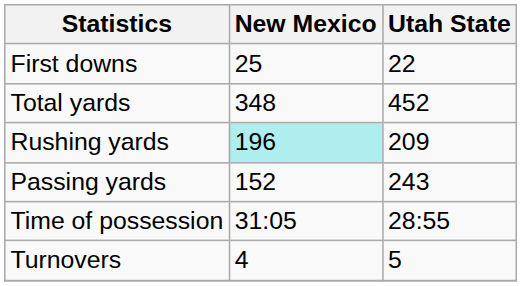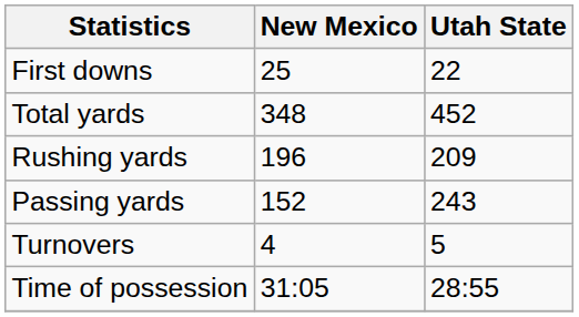 <table class="wikitable">
 <tr>
 <th>Statistics</th>
 <th>New Mexico</th>
 <th>Utah State</th>
 </tr>
 <tr>
 <td>First downs</td>
 <td>25</td>
 <td>22</td>
 </tr>
 <tr>
 <td>Total yards</td>
 <td>348</td>
 <td>452</td>
 </tr>
 <tr>
 <td>Rushing yards</td>
-<td style="background: paleturquoise;">196</td>
+<td>196</td>
 <td>209</td>
 </tr>
 <tr>
 <td>Passing yards</td>
 <td>152</td>
 <td>243</td>
 </tr>
 <tr>
+<td>Turnovers</td>
+<td>4</td>
+<td>5</td>
+</tr>
+<tr>
 <td>Time of possession</td>
 <td>31:05</td>
 <td>28:55</td>
 </tr>
 <tr>
-<td>Turnovers</td>
-<td>4</td>
-<td>5</td>
-</tr>
-<tr>
 </tr>
 </table>
